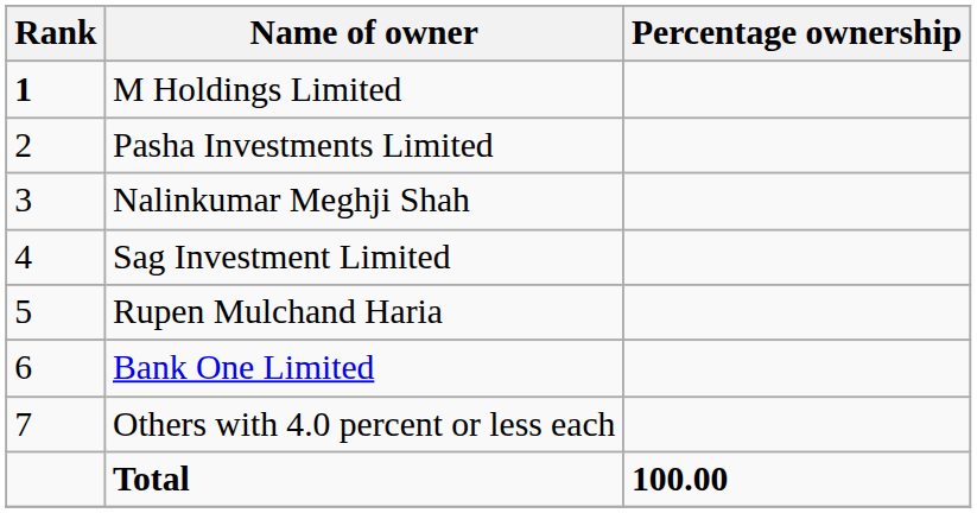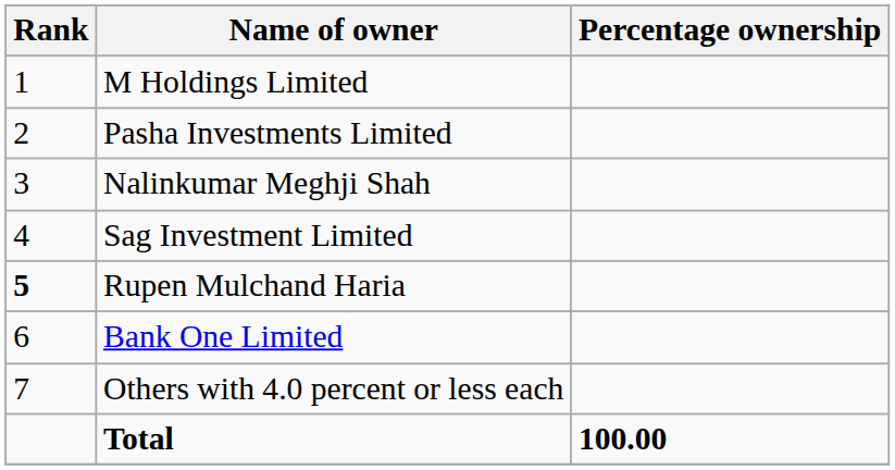 <table class="wikitable sortable" style="margin: 0.5em auto">
 <tr>
 <th>Rank</th>
 <th>Name of owner</th>
 <th>Percentage ownership</th>
 </tr>
 <tr>
-<td><strong>1</strong></td>
+<td>1</td>
 <td>M Holdings Limited</td>
 <td></td>
 </tr>
 <tr>
 <td>2</td>
 <td>Pasha Investments Limited</td>
 <td></td>
 </tr>
 <tr>
 <td>3</td>
 <td>Nalinkumar Meghji Shah</td>
 <td></td>
 </tr>
 <tr>
 <td>4</td>
 <td>Sag Investment Limited</td>
 <td></td>
 </tr>
 <tr>
-<td>5</td>
+<td><strong>5</strong></td>
 <td>Rupen Mulchand Haria</td>
 <td></td>
 </tr>
 <tr>
 <td>6</td>
 <td><a href='#'>Bank One Limited</a></td>
 <td></td>
 </tr>
 <tr>
 <td>7</td>
 <td>Others with 4.0 percent or less each</td>
 <td></td>
 </tr>
 <tr>
 <td></td>
 <td><strong>Total</strong></td>
 <td><strong>100.00</strong></td>
 </tr>
 <tr>
 </tr>
 </table>
